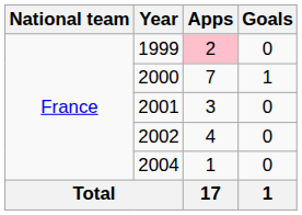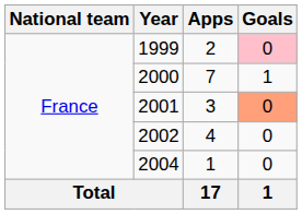 <table class="wikitable" style="text-align: center;">
 <tr>
 <th>National team</th>
 <th>Year</th>
 <th>Apps</th>
 <th>Goals</th>
 </tr>
 <tr>
 <td rowspan="5"><a href='#'>France</a></td>
 <td>1999</td>
-<td style="background: pink;">2</td>
-<td>0</td>
+<td>2</td>
+<td style="background: pink;">0</td>
 </tr>
 <tr>
 <td>2000</td>
 <td>7</td>
 <td>1</td>
 </tr>
 <tr>
 <td>2001</td>
 <td>3</td>
-<td>0</td>
+<td style="background: lightsalmon;">0</td>
 </tr>
 <tr>
 <td>2002</td>
 <td>4</td>
 <td>0</td>
 </tr>
 <tr>
 <td>2004</td>
 <td>1</td>
 <td>0</td>
 </tr>
 <tr>
 <th colspan="2">Total</th>
 <th>17</th>
 <th>1</th>
 </tr>
 </table>
